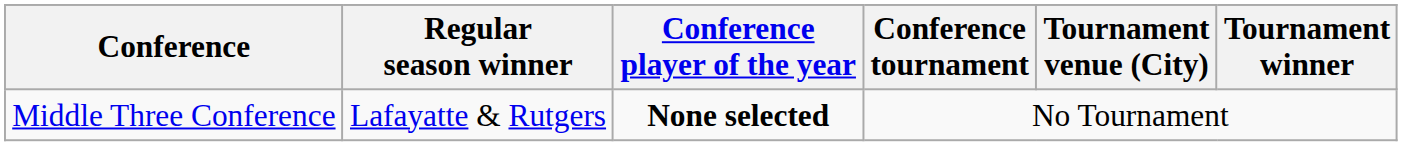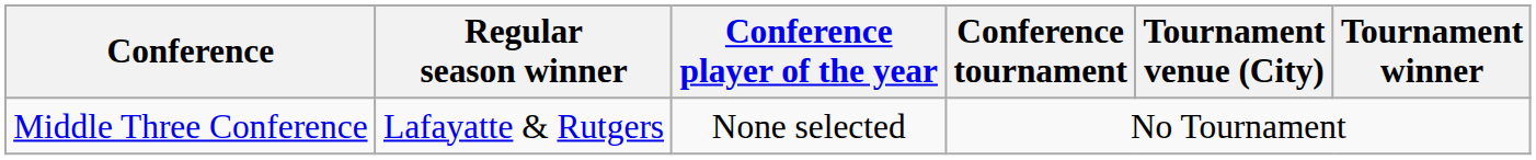 <table class="wikitable" style="text-align:center;">
 <tr>
 <th>Conference</th>
 <th>Regular <br> season winner</th>
 <th><a href='#'>Conference <br> player of the year</a></th>
 <th>Conference <br> tournament</th>
 <th>Tournament <br> venue (City)</th>
 <th>Tournament <br> winner</th>
 </tr>
 <tr>
 <td><a href='#'>Middle Three Conference</a></td>
 <td><a href='#'>Lafayatte</a> & <a href='#'>Rutgers</a></td>
-<td><strong>None selected</strong></td>
+<td>None selected</td>
 <td colspan=3>No Tournament</td>
 </tr>
 </table>
